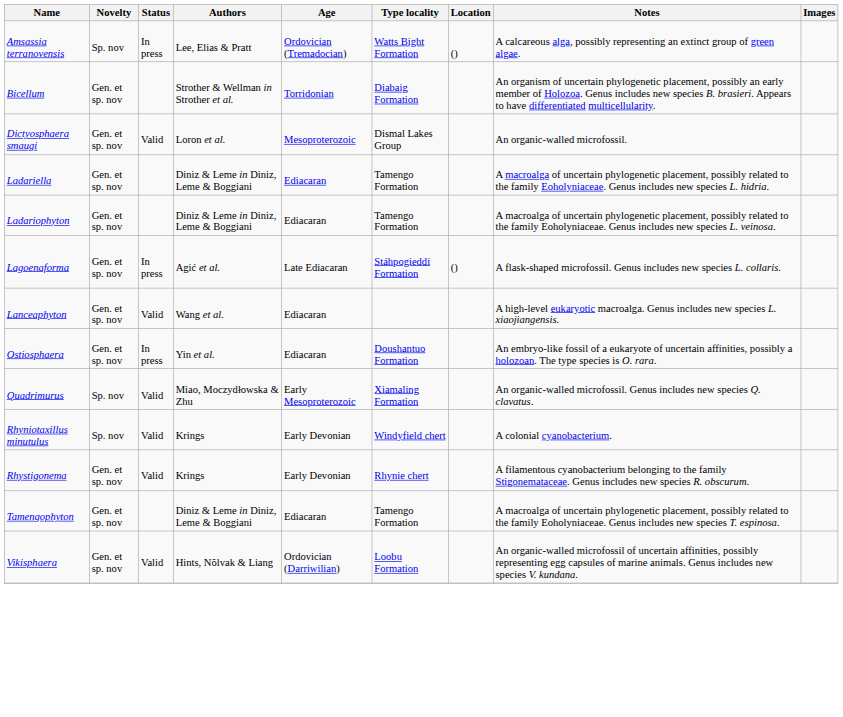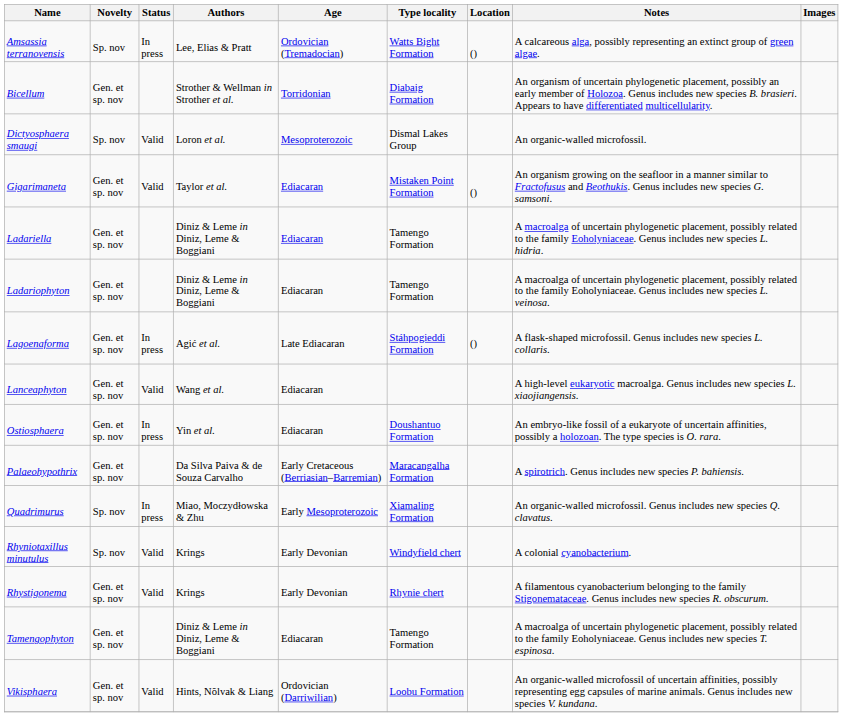 <table class="wikitable sortable" align="center" width="100%">
 <tr>
 <th>Name</th>
 <th>Novelty</th>
 <th>Status</th>
 <th>Authors</th>
 <th>Age</th>
 <th>Type locality</th>
 <th>Location</th>
 <th>Notes</th>
 <th>Images</th>
 </tr>
 <tr>
 <td><br><em><a href='#'>Amsassia terranovensis</a></em></td>
 <td><br>Sp. nov</td>
 <td><br>In press</td>
 <td><br>Lee, Elias & Pratt</td>
 <td><br><a href='#'>Ordovician</a> (<a href='#'>Tremadocian</a>)</td>
 <td><br><a href='#'>Watts Bight Formation</a></td>
 <td><br><br>()</td>
 <td><br>A calcareous <a href='#'>alga</a>, possibly representing an extinct group of <a href='#'>green algae</a>.</td>
 <td></td>
 </tr>
 <tr>
 <td><br><em><a href='#'>Bicellum</a></em></td>
 <td><br>Gen. et sp. nov</td>
 <td></td>
 <td><br>Strother & Wellman <em>in</em> Strother <em>et al.</em></td>
 <td><br><a href='#'>Torridonian</a></td>
 <td><br><a href='#'>Diabaig Formation</a></td>
 <td><br></td>
 <td><br>An organism of uncertain phylogenetic placement, possibly an early member of <a href='#'>Holozoa</a>. Genus includes new species <em>B. brasieri</em>. Appears to have <a href='#'>differentiated</a> <a href='#'>multicellularity</a>.</td>
 <td></td>
 </tr>
 <tr>
 <td><br><em><a href='#'>Dictyosphaera smaugi</a></em></td>
-<td><br>Gen. et sp. nov</td>
+<td><br>Sp. nov</td>
 <td><br>Valid</td>
 <td><br>Loron <em>et al.</em></td>
 <td><br><a href='#'>Mesoproterozoic</a></td>
 <td><br>Dismal Lakes Group</td>
 <td><br></td>
 <td><br>An organic-walled microfossil.</td>
+<td></td>
+</tr>
+<tr>
+<td><br><em><a href='#'>Gigarimaneta</a></em></td>
+<td><br>Gen. et sp. nov</td>
+<td><br>Valid</td>
+<td><br>Taylor <em>et al.</em></td>
+<td><br><a href='#'>Ediacaran</a></td>
+<td><br><a href='#'>Mistaken Point Formation</a></td>
+<td><br><br>()</td>
+<td><br>An organism growing on the seafloor in a manner similar to <em><a href='#'>Fractofusus</a></em> and <em><a href='#'>Beothukis</a></em>. Genus includes new species <em>G. samsoni</em>.</td>
 <td></td>
 </tr>
 <tr>
 <td><br><em><a href='#'>Ladariella</a></em></td>
 <td><br>Gen. et sp. nov</td>
 <td></td>
 <td><br>Diniz & Leme <em>in</em> Diniz, Leme & Boggiani</td>
 <td><br><a href='#'>Ediacaran</a></td>
 <td><br>Tamengo Formation</td>
 <td><br></td>
 <td><br>A <a href='#'>macroalga</a> of uncertain phylogenetic placement, possibly related to the family <a href='#'>Eoholyniaceae</a>. Genus includes new species <em>L. hidria</em>.</td>
 <td></td>
 </tr>
 <tr>
 <td><br><em><a href='#'>Ladariophyton</a></em></td>
 <td><br>Gen. et sp. nov</td>
 <td></td>
 <td><br>Diniz & Leme <em>in</em> Diniz, Leme & Boggiani</td>
 <td><br>Ediacaran</td>
 <td><br>Tamengo Formation</td>
 <td><br></td>
 <td><br>A macroalga of uncertain phylogenetic placement, possibly related to the family Eoholyniaceae. Genus includes new species <em>L. veinosa</em>.</td>
 <td></td>
 </tr>
 <tr>
 <td><br><em><a href='#'>Lagoenaforma</a></em></td>
 <td><br>Gen. et sp. nov</td>
 <td><br>In press</td>
 <td><br>Agić <em>et al.</em></td>
 <td><br>Late Ediacaran</td>
 <td><br><a href='#'>Stáhpogieddi Formation</a></td>
 <td><br><br>()<br> <br> </td>
 <td><br>A flask-shaped microfossil. Genus includes new species <em>L. collaris</em>.</td>
 <td></td>
 </tr>
 <tr>
 <td><br><em><a href='#'>Lanceaphyton</a></em></td>
 <td><br>Gen. et sp. nov</td>
 <td><br>Valid</td>
 <td><br>Wang <em>et al.</em></td>
 <td><br>Ediacaran</td>
 <td></td>
 <td><br></td>
 <td><br>A high-level <a href='#'>eukaryotic</a> macroalga. Genus includes new species <em>L. xiaojiangensis</em>.</td>
 <td></td>
 </tr>
 <tr>
 <td><br><em><a href='#'>Ostiosphaera</a></em></td>
 <td><br>Gen. et sp. nov</td>
 <td><br>In press</td>
 <td><br>Yin <em>et al.</em></td>
 <td><br>Ediacaran</td>
 <td><br><a href='#'>Doushantuo Formation</a></td>
 <td><br></td>
 <td><br>An embryo-like fossil of a eukaryote of uncertain affinities, possibly a <a href='#'>holozoan</a>. The type species is <em>O. rara</em>.</td>
 <td></td>
 </tr>
 <tr>
+<td><br><em><a href='#'>Palaeohypothrix</a></em></td>
+<td><br>Gen. et sp. nov</td>
+<td></td>
+<td><br>Da Silva Paiva & de Souza Carvalho</td>
+<td><br>Early Cretaceous (<a href='#'>Berriasian</a>–<a href='#'>Barremian</a>)</td>
+<td><br><a href='#'>Maracangalha Formation</a></td>
+<td><br></td>
+<td><br>A <a href='#'>spirotrich</a>. Genus includes new species <em>P. bahiensis</em>.</td>
+<td></td>
+</tr>
+<tr>
 <td><br><em><a href='#'>Quadrimurus</a></em></td>
 <td><br>Sp. nov</td>
-<td><br>Valid</td>
+<td><br>In press</td>
 <td><br>Miao, Moczydłowska & Zhu</td>
 <td><br>Early <a href='#'>Mesoproterozoic</a></td>
 <td><br><a href='#'>Xiamaling Formation</a></td>
 <td><br></td>
 <td><br>An organic-walled microfossil. Genus includes new species <em>Q. clavatus</em>.</td>
 <td></td>
 </tr>
 <tr>
 <td><br><em><a href='#'>Rhyniotaxillus minutulus</a></em></td>
 <td><br>Sp. nov</td>
 <td><br>Valid</td>
 <td><br>Krings</td>
 <td><br>Early Devonian</td>
 <td><br><a href='#'>Windyfield chert</a></td>
 <td><br></td>
 <td><br>A colonial <a href='#'>cyanobacterium</a>.</td>
 <td></td>
 </tr>
 <tr>
 <td><br><em><a href='#'>Rhystigonema</a></em></td>
 <td><br>Gen. et sp. nov</td>
 <td><br>Valid</td>
 <td><br>Krings</td>
 <td><br>Early Devonian</td>
 <td><br><a href='#'>Rhynie chert</a></td>
 <td><br></td>
 <td><br>A filamentous cyanobacterium belonging to the family <a href='#'>Stigonemataceae</a>. Genus includes new species <em>R. obscurum</em>.</td>
 <td></td>
 </tr>
 <tr>
 <td><br><em><a href='#'>Tamengophyton</a></em></td>
 <td><br>Gen. et sp. nov</td>
 <td></td>
 <td><br>Diniz & Leme <em>in</em> Diniz, Leme & Boggiani</td>
 <td><br>Ediacaran</td>
 <td><br>Tamengo Formation</td>
 <td><br></td>
 <td><br>A macroalga of uncertain phylogenetic placement, possibly related to the family Eoholyniaceae. Genus includes new species <em>T. espinosa</em>.</td>
 <td></td>
 </tr>
 <tr>
 <td><br><em><a href='#'>Vikisphaera</a></em></td>
 <td><br>Gen. et sp. nov</td>
 <td><br>Valid</td>
 <td><br>Hints, Nõlvak & Liang</td>
 <td><br>Ordovician (<a href='#'>Darriwilian</a>)</td>
 <td><br><a href='#'>Loobu Formation</a></td>
 <td><br><br> <br> <br> </td>
 <td><br>An organic-walled microfossil of uncertain affinities, possibly representing egg capsules of marine animals. Genus includes new species <em>V. kundana</em>.</td>
 <td></td>
 </tr>
 <tr>
 </tr>
 </table>
